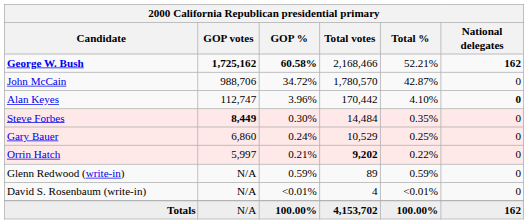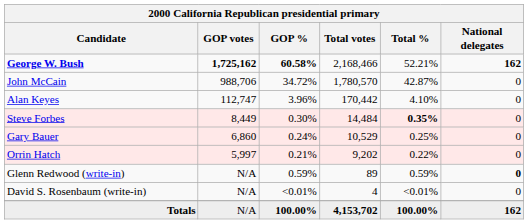 <table class="wikitable" style="font-size:95%;">
 <tr>
 <th colspan="6">2000 California Republican presidential primary</th>
 </tr>
 <tr>
 <th style="width: 17em">Candidate</th>
 <th style="width: 5em">GOP votes</th>
 <th style="width: 5em">GOP %</th>
 <th style="width: 5em">Total votes</th>
 <th style="width: 5em">Total %</th>
 <th style="width: 7em">National delegates</th>
 </tr>
 <tr>
 <td><strong><a href='#'>George W. Bush</a></strong></td>
 <td align="right"><strong>1,725,162</strong></td>
 <td align="right"><strong>60.58%</strong></td>
 <td align="right">2,168,466</td>
 <td align="right">52.21%</td>
 <td align="right"><strong>162</strong></td>
 </tr>
 <tr>
 <td><a href='#'>John McCain</a></td>
 <td align="right">988,706</td>
 <td align="right">34.72%</td>
 <td align="right">1,780,570</td>
 <td align="right">42.87%</td>
 <td align="right">0</td>
 </tr>
 <tr>
 <td><a href='#'>Alan Keyes</a></td>
 <td align="right">112,747</td>
 <td align="right">3.96%</td>
 <td align="right">170,442</td>
 <td align="right">4.10%</td>
-<td align="right"><strong>0</strong></td>
+<td align="right">0</td>
 </tr>
 <tr bgcolor=#FFE8E8>
 <td><a href='#'>Steve Forbes</a></td>
-<td align="right"><strong>8,449</strong></td>
+<td align="right">8,449</td>
 <td align="right">0.30%</td>
 <td align="right">14,484</td>
-<td align="right">0.35%</td>
+<td align="right"><strong>0.35%</strong></td>
 <td align="right">0</td>
 </tr>
 <tr bgcolor=#FFE8E8>
 <td><a href='#'>Gary Bauer</a></td>
 <td align="right">6,860</td>
 <td align="right">0.24%</td>
 <td align="right">10,529</td>
 <td align="right">0.25%</td>
 <td align="right">0</td>
 </tr>
 <tr bgcolor=#FFE8E8>
 <td><a href='#'>Orrin Hatch</a></td>
 <td align="right">5,997</td>
 <td align="right">0.21%</td>
-<td align="right"><strong>9,202</strong></td>
+<td align="right">9,202</td>
 <td align="right">0.22%</td>
 <td align="right">0</td>
 </tr>
 <tr>
 <td>Glenn Redwood (<a href='#'>write-in</a>)</td>
 <td align="right">N/A</td>
 <td align="right">0.59%</td>
 <td align="right">89</td>
 <td align="right">0.59%</td>
-<td align="right">0</td>
+<td align="right"><strong>0</strong></td>
 </tr>
 <tr>
 <td>David S. Rosenbaum (write-in)</td>
 <td align="right">N/A</td>
 <td align="right"><0.01%</td>
 <td align="right">4</td>
 <td align="right"><0.01%</td>
 <td align="right">0</td>
 </tr>
 <tr>
 </tr>
 <tr bgcolor="#EEEEEE">
 <td align="right"><strong>Totals</strong></td>
 <td align="right">N/A</td>
 <td align="right"><strong>100.00%</strong></td>
 <td align="right"><strong>4,153,702</strong></td>
 <td align="right"><strong>100.00%</strong></td>
 <td align="right"><strong>162</strong></td>
 </tr>
 </table>
